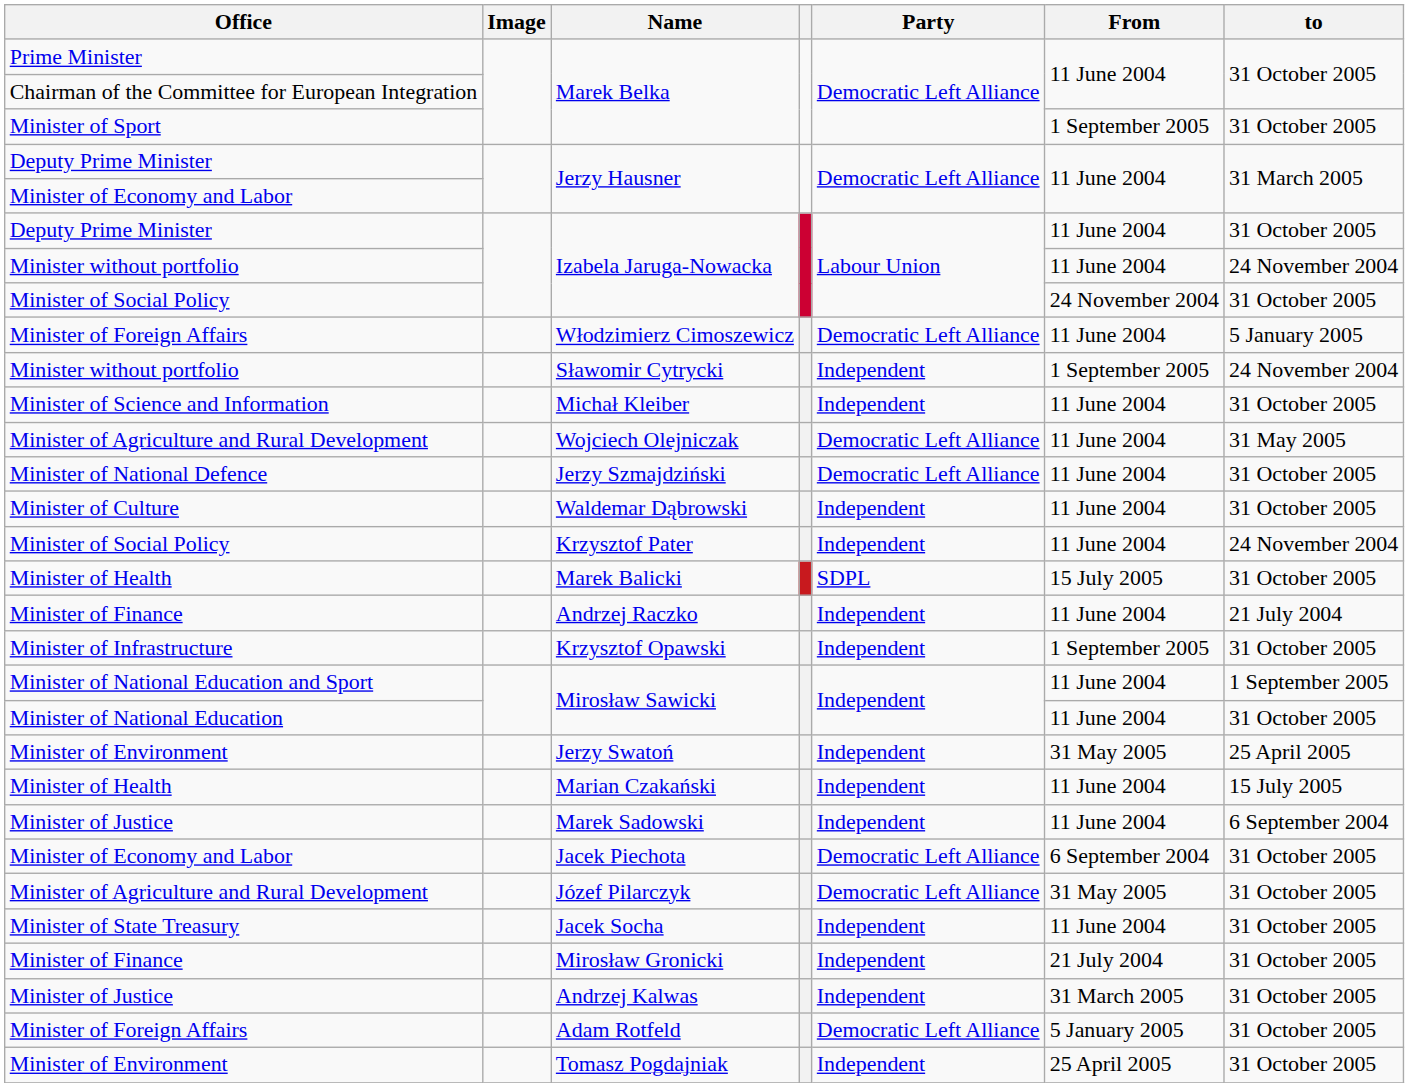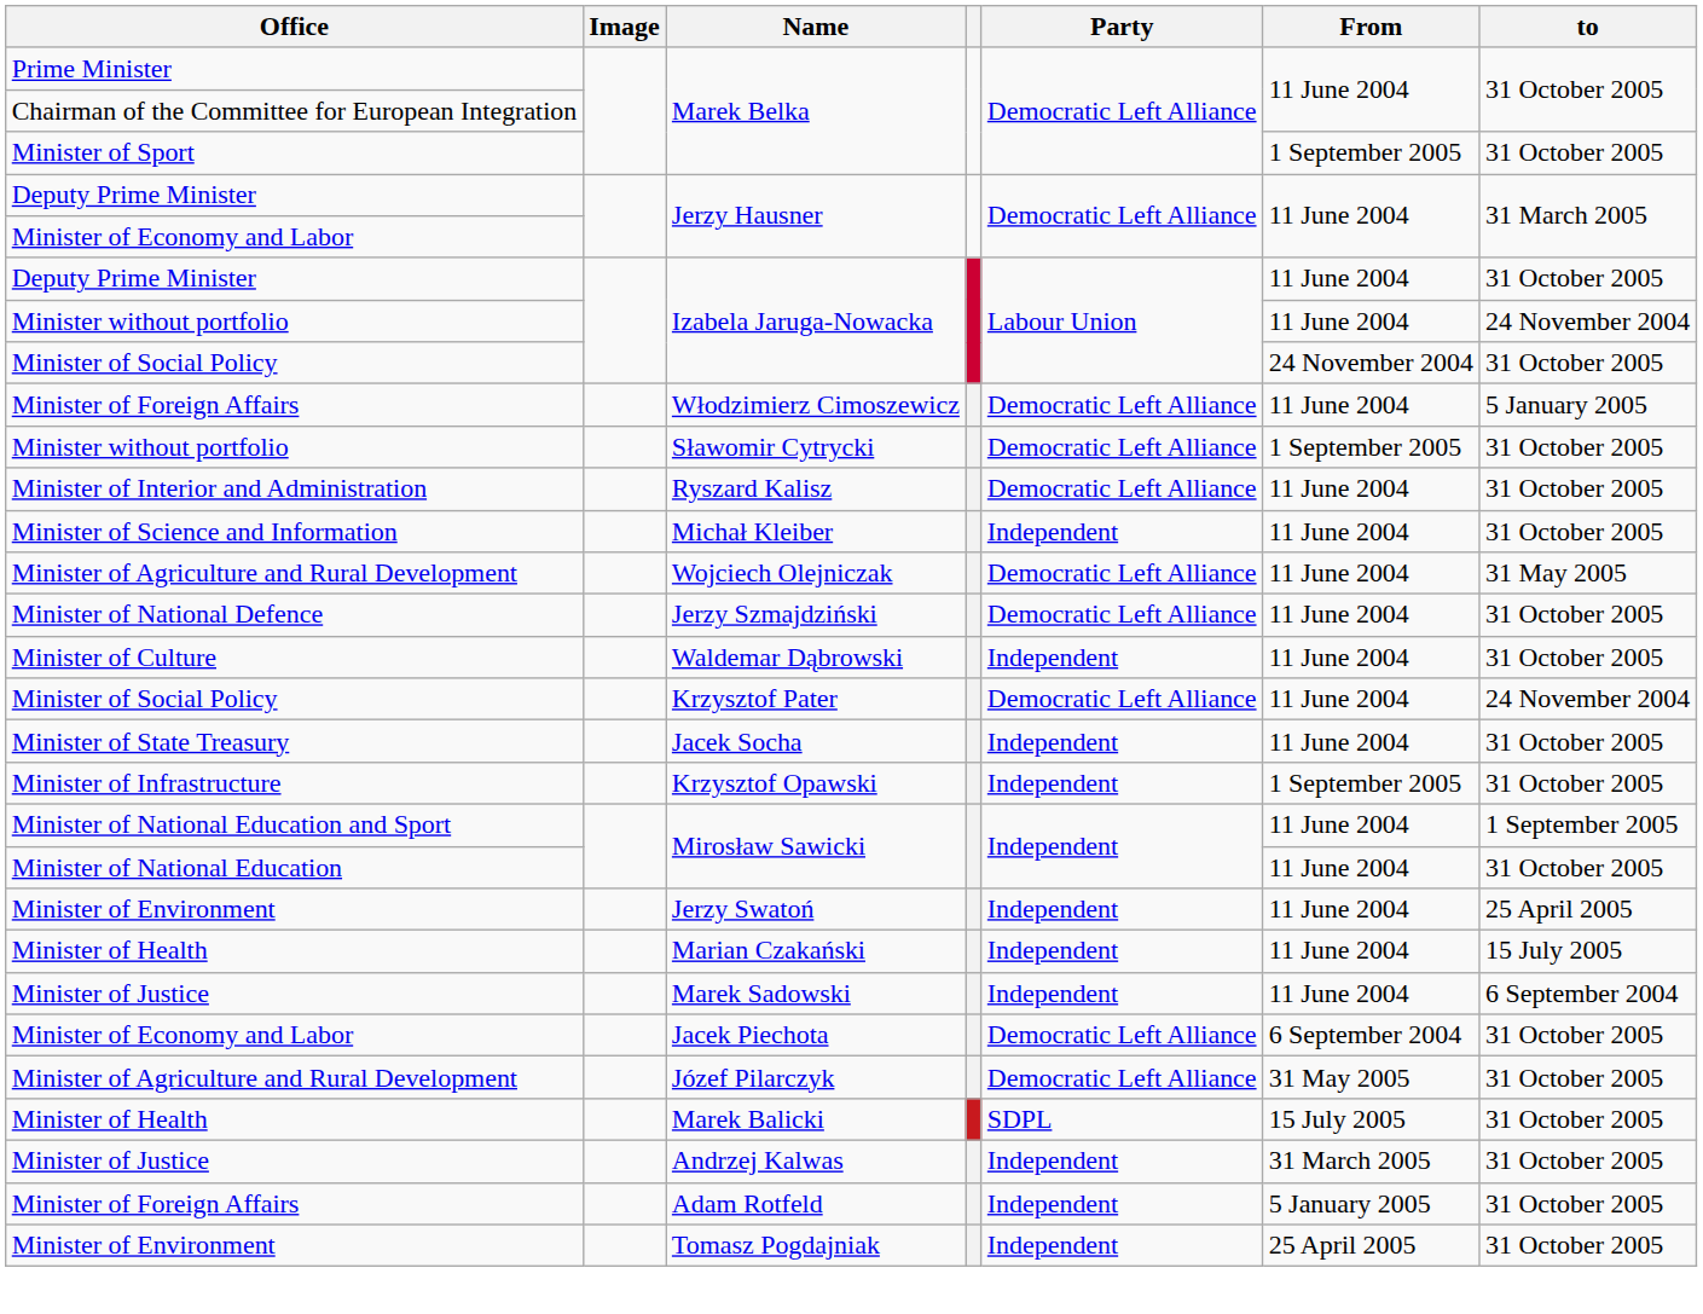 <table class="wikitable">
 <tr>
 <th>Office</th>
 <th>Image</th>
 <th>Name</th>
 <th></th>
 <th>Party</th>
 <th>From</th>
 <th>to</th>
 </tr>
 <tr>
 <td><a href='#'>Prime Minister</a></td>
 <td rowspan="3"></td>
 <td rowspan="3"><a href='#'>Marek Belka</a></td>
 <td rowspan="3" style="background:"></td>
 <td rowspan="3"><a href='#'>Democratic Left Alliance</a></td>
 <td rowspan="2">11 June 2004</td>
 <td rowspan="2">31 October 2005</td>
 </tr>
 <tr>
 <td>Chairman of the Committee for European Integration</td>
 </tr>
 <tr>
 <td><a href='#'>Minister of Sport</a></td>
 <td>1 September 2005</td>
 <td>31 October 2005</td>
 </tr>
 <tr>
 <td><a href='#'>Deputy Prime Minister</a></td>
 <td rowspan="2"></td>
 <td rowspan="2"><a href='#'>Jerzy Hausner</a></td>
 <td rowspan="2" style="background:"></td>
 <td rowspan="2"><a href='#'>Democratic Left Alliance</a></td>
 <td rowspan="2">11 June 2004</td>
 <td rowspan="2">31 March 2005</td>
 </tr>
 <tr>
 <td><a href='#'>Minister of Economy and Labor</a></td>
 </tr>
 <tr>
 <td><a href='#'>Deputy Prime Minister</a></td>
 <td rowspan="3"></td>
 <td rowspan="3"><a href='#'>Izabela Jaruga-Nowacka</a></td>
 <td rowspan="3" style="width:2px;background:#CC0033;"></td>
 <td rowspan="3"><a href='#'>Labour Union</a></td>
 <td>11 June 2004</td>
 <td>31 October 2005</td>
 </tr>
 <tr>
 <td><a href='#'>Minister without portfolio</a></td>
 <td>11 June 2004</td>
 <td>24 November 2004</td>
 </tr>
 <tr>
 <td><a href='#'>Minister of Social Policy</a></td>
 <td>24 November 2004</td>
 <td>31 October 2005</td>
 </tr>
 <tr>
 <td><a href='#'>Minister of Foreign Affairs</a></td>
 <td></td>
 <td><a href='#'>Włodzimierz Cimoszewicz</a></td>
 <th style="background:"></th>
 <td><a href='#'>Democratic Left Alliance</a></td>
 <td>11 June 2004</td>
 <td>5 January 2005</td>
 </tr>
 <tr>
 <td><a href='#'>Minister without portfolio</a></td>
 <td></td>
 <td><a href='#'>Sławomir Cytrycki</a></td>
 <th style="background:"></th>
-<td><a href='#'>Independent</a></td>
+<td><a href='#'>Democratic Left Alliance</a></td>
 <td>1 September 2005</td>
-<td>24 November 2004</td>
+<td>31 October 2005</td>
+</tr>
+<tr>
+<td><a href='#'>Minister of Interior and Administration</a></td>
+<td></td>
+<td><a href='#'>Ryszard Kalisz</a></td>
+<th style="background:"></th>
+<td><a href='#'>Democratic Left Alliance</a></td>
+<td>11 June 2004</td>
+<td>31 October 2005</td>
 </tr>
 <tr>
 <td><a href='#'>Minister of Science and Information</a></td>
 <td></td>
 <td><a href='#'>Michał Kleiber</a></td>
 <th style="background:"></th>
 <td><a href='#'>Independent</a></td>
 <td>11 June 2004</td>
 <td>31 October 2005</td>
 </tr>
 <tr>
 <td><a href='#'>Minister of Agriculture and Rural Development</a></td>
 <td></td>
 <td><a href='#'>Wojciech Olejniczak</a></td>
 <th style="background:"></th>
 <td><a href='#'>Democratic Left Alliance</a></td>
 <td>11 June 2004</td>
 <td>31 May 2005</td>
 </tr>
 <tr>
 <td><a href='#'>Minister of National Defence</a></td>
 <td></td>
 <td><a href='#'>Jerzy Szmajdziński</a></td>
 <th style="background:"></th>
 <td><a href='#'>Democratic Left Alliance</a></td>
 <td>11 June 2004</td>
 <td>31 October 2005</td>
 </tr>
 <tr>
 <td><a href='#'>Minister of Culture</a></td>
 <td></td>
 <td><a href='#'>Waldemar Dąbrowski</a></td>
 <th style="background:"></th>
 <td><a href='#'>Independent</a></td>
 <td>11 June 2004</td>
 <td>31 October 2005</td>
 </tr>
 <tr>
 <td><a href='#'>Minister of Social Policy</a></td>
 <td></td>
 <td><a href='#'>Krzysztof Pater</a></td>
 <th style="background:"></th>
-<td><a href='#'>Independent</a></td>
+<td><a href='#'>Democratic Left Alliance</a></td>
 <td>11 June 2004</td>
 <td>24 November 2004</td>
 </tr>
 <tr>
-<td><a href='#'>Minister of Health</a></td>
+<td><a href='#'>Minister of State Treasury</a></td>
 <td></td>
-<td><a href='#'>Marek Balicki</a></td>
-<th style="background:#C8191E;"></th>
-<td><a href='#'>SDPL</a></td>
-<td>15 July 2005</td>
-<td>31 October 2005</td>
-</tr>
-<tr>
-<td><a href='#'>Minister of Finance</a></td>
-<td></td>
-<td><a href='#'>Andrzej Raczko</a></td>
+<td><a href='#'>Jacek Socha</a></td>
 <th style="background:"></th>
 <td><a href='#'>Independent</a></td>
 <td>11 June 2004</td>
-<td>21 July 2004</td>
+<td>31 October 2005</td>
 </tr>
 <tr>
 <td><a href='#'>Minister of Infrastructure</a></td>
 <td></td>
 <td><a href='#'>Krzysztof Opawski</a></td>
 <th style="background:"></th>
 <td><a href='#'>Independent</a></td>
 <td>1 September 2005</td>
 <td>31 October 2005</td>
 </tr>
 <tr>
 <td><a href='#'>Minister of National Education and Sport</a></td>
 <td rowspan="2"></td>
 <td rowspan="2"><a href='#'>Mirosław Sawicki</a></td>
 <th rowspan="2" style="background:"></th>
 <td rowspan="2"><a href='#'>Independent</a></td>
 <td>11 June 2004</td>
 <td>1 September 2005</td>
 </tr>
 <tr>
 <td><a href='#'>Minister of National Education</a></td>
 <td>11 June 2004</td>
 <td>31 October 2005</td>
 </tr>
 <tr>
 <td><a href='#'>Minister of Environment</a></td>
 <td></td>
 <td><a href='#'>Jerzy Swatoń</a></td>
 <th style="background:"></th>
 <td><a href='#'>Independent</a></td>
-<td>31 May 2005</td>
+<td>11 June 2004</td>
 <td>25 April 2005</td>
 </tr>
 <tr>
 <td><a href='#'>Minister of Health</a></td>
 <td></td>
 <td><a href='#'>Marian Czakański</a></td>
 <th style="background:"></th>
 <td><a href='#'>Independent</a></td>
 <td>11 June 2004</td>
 <td>15 July 2005</td>
 </tr>
 <tr>
 <td><a href='#'>Minister of Justice</a></td>
 <td></td>
 <td><a href='#'>Marek Sadowski</a></td>
 <th style="background:"></th>
 <td><a href='#'>Independent</a></td>
 <td>11 June 2004</td>
 <td>6 September 2004</td>
 </tr>
 <tr>
 <td><a href='#'>Minister of Economy and Labor</a></td>
 <td></td>
 <td><a href='#'>Jacek Piechota</a></td>
 <th style="background:"></th>
 <td><a href='#'>Democratic Left Alliance</a></td>
 <td>6 September 2004</td>
 <td>31 October 2005</td>
 </tr>
 <tr>
 <td><a href='#'>Minister of Agriculture and Rural Development</a></td>
 <td></td>
 <td><a href='#'>Józef Pilarczyk</a></td>
 <th style="background:"></th>
 <td><a href='#'>Democratic Left Alliance</a></td>
 <td>31 May 2005</td>
 <td>31 October 2005</td>
 </tr>
 <tr>
-<td><a href='#'>Minister of State Treasury</a></td>
+<td><a href='#'>Minister of Health</a></td>
 <td></td>
-<td><a href='#'>Jacek Socha</a></td>
-<th style="background:"></th>
-<td><a href='#'>Independent</a></td>
-<td>11 June 2004</td>
-<td>31 October 2005</td>
-</tr>
-<tr>
-<td><a href='#'>Minister of Finance</a></td>
-<td></td>
-<td><a href='#'>Mirosław Gronicki</a></td>
-<th style="background:"></th>
-<td><a href='#'>Independent</a></td>
-<td>21 July 2004</td>
+<td><a href='#'>Marek Balicki</a></td>
+<th style="background:#C8191E;"></th>
+<td><a href='#'>SDPL</a></td>
+<td>15 July 2005</td>
 <td>31 October 2005</td>
 </tr>
 <tr>
 <td><a href='#'>Minister of Justice</a></td>
 <td></td>
 <td><a href='#'>Andrzej Kalwas</a></td>
 <th style="background:"></th>
 <td><a href='#'>Independent</a></td>
 <td>31 March 2005</td>
 <td>31 October 2005</td>
 </tr>
 <tr>
 <td><a href='#'>Minister of Foreign Affairs</a></td>
 <td></td>
 <td><a href='#'>Adam Rotfeld</a></td>
 <th style="background:"></th>
-<td><a href='#'>Democratic Left Alliance</a></td>
+<td><a href='#'>Independent</a></td>
 <td>5 January 2005</td>
 <td>31 October 2005</td>
 </tr>
 <tr>
 <td><a href='#'>Minister of Environment</a></td>
 <td></td>
 <td><a href='#'>Tomasz Pogdajniak</a></td>
 <th style="background:"></th>
 <td><a href='#'>Independent</a></td>
 <td>25 April 2005</td>
 <td>31 October 2005</td>
 </tr>
 </table>
